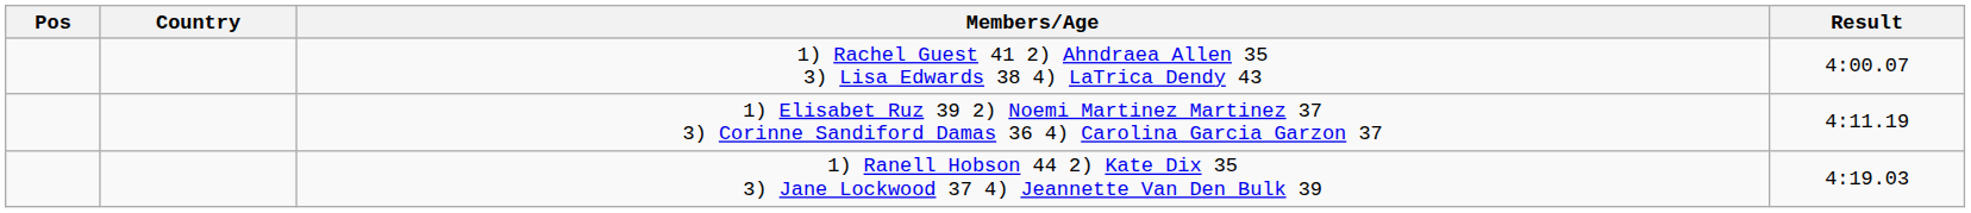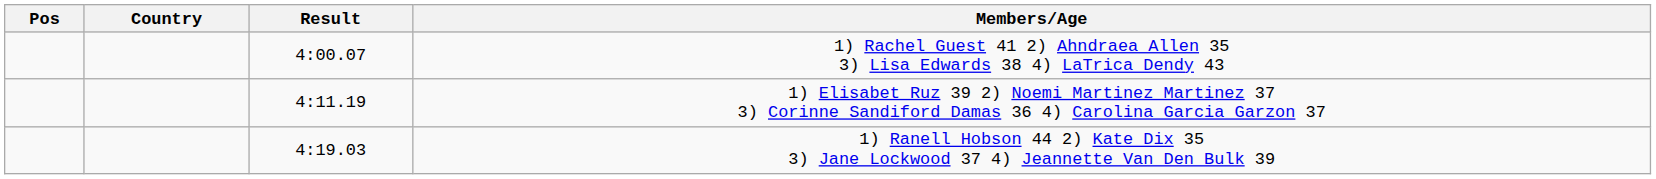 <table class="wikitable"  style="text-align:center; width:80%;">
 <tr>
 <th>Pos</th>
 <th>Country</th>
+<th>Result</th>
 <th>Members/Age</th>
-<th>Result</th>
 </tr>
 <tr>
 <td align=center></td>
 <td align=left></td>
+<td>4:00.07</td>
 <td>1) <a href='#'>Rachel Guest</a> 41 2) <a href='#'>Ahndraea Allen</a> 35 <br>3) <a href='#'>Lisa Edwards</a> 38 4) <a href='#'>LaTrica Dendy</a> 43</td>
-<td>4:00.07</td>
 </tr>
 <tr>
 <td align=center></td>
 <td align=left></td>
+<td>4:11.19</td>
 <td>1) <a href='#'>Elisabet Ruz</a> 39 2) <a href='#'>Noemi Martinez Martinez</a> 37<br>3) <a href='#'>Corinne Sandiford Damas</a> 36 4) <a href='#'>Carolina Garcia Garzon</a> 37</td>
-<td>4:11.19</td>
 </tr>
 <tr>
 <td align=center></td>
 <td align=left></td>
+<td>4:19.03</td>
 <td>1) <a href='#'>Ranell Hobson</a> 44 2) <a href='#'>Kate Dix</a> 35 <br>3) <a href='#'>Jane Lockwood</a> 37 4) <a href='#'>Jeannette Van Den Bulk</a> 39</td>
-<td>4:19.03</td>
 </tr>
 </table>
